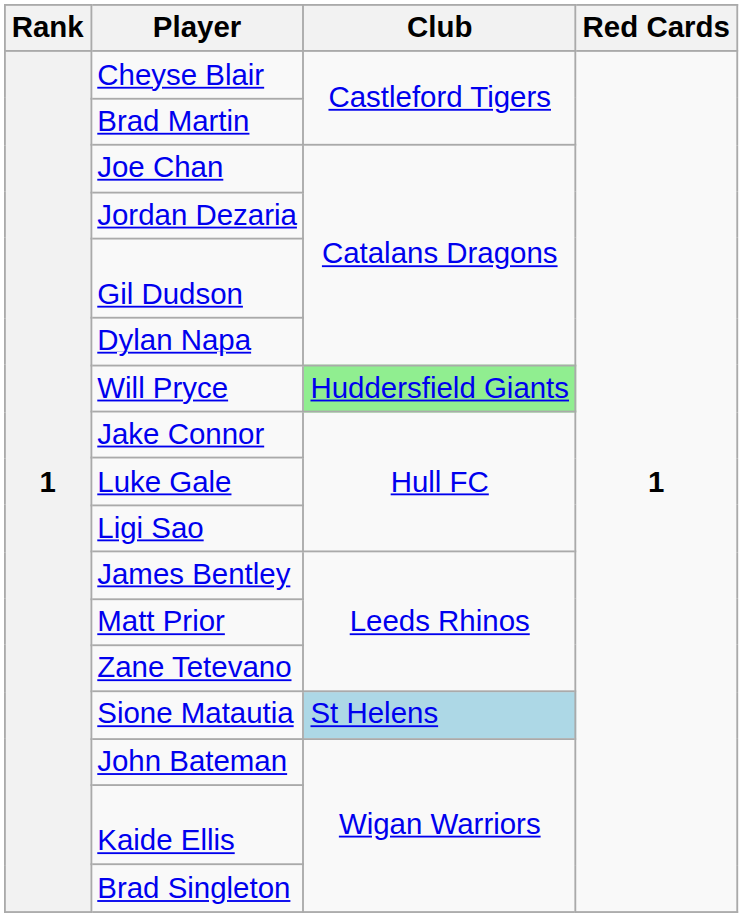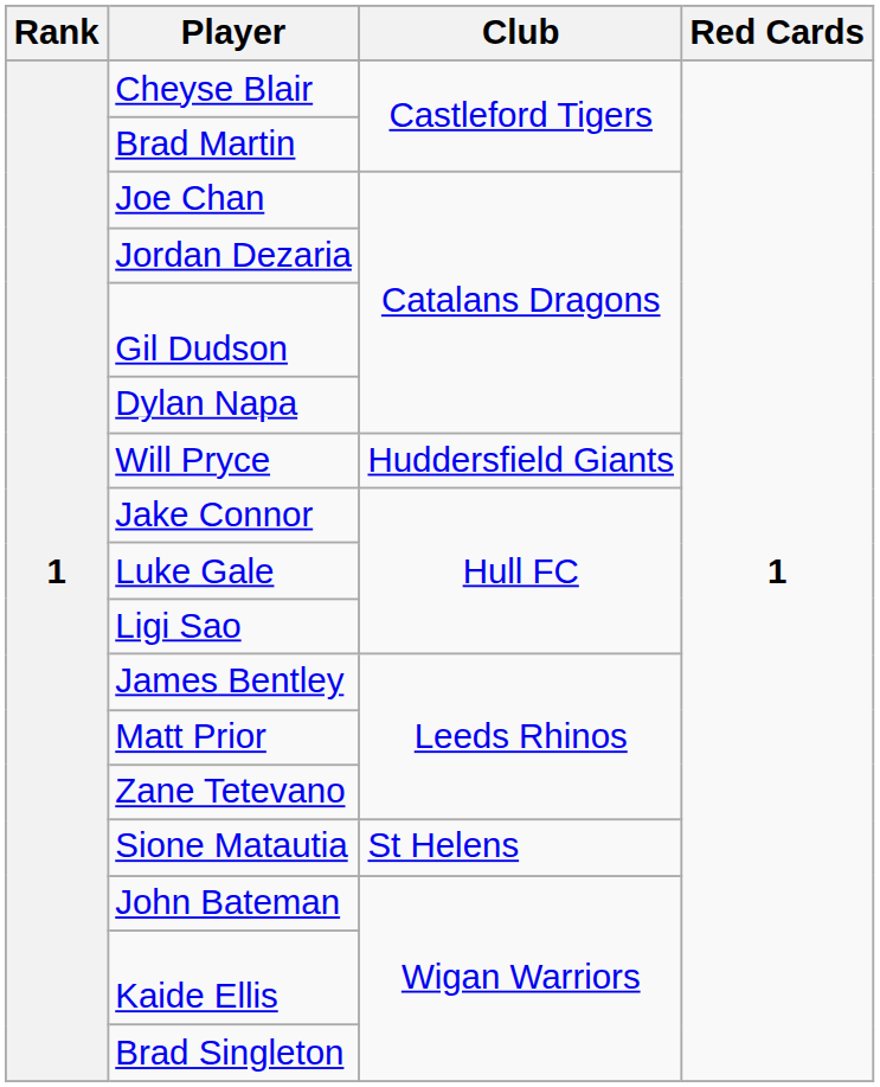 <table class="wikitable sortable" style="text-align:center">
 <tr>
 <th>Rank</th>
 <th>Player</th>
 <th>Club</th>
 <th> Red Cards</th>
 </tr>
 <tr>
 <th rowspan=17><strong>1</strong></th>
 <td align="left"> <a href='#'>Cheyse Blair</a></td>
 <td Rowspan=2> <a href='#'>Castleford Tigers</a></td>
 <td Rowspan=17><strong>1</strong></td>
 </tr>
 <tr>
 <td align="left"> <a href='#'>Brad Martin</a></td>
 </tr>
 <tr>
 <td align="left"> <a href='#'>Joe Chan</a></td>
 <td Rowspan=4> <a href='#'>Catalans Dragons</a></td>
 </tr>
 <tr>
 <td align="left"> <a href='#'>Jordan Dezaria</a></td>
 </tr>
 <tr>
 <td align="left"><br> <a href='#'>Gil Dudson</a></td>
 </tr>
 <tr>
 <td align="left"> <a href='#'>Dylan Napa</a></td>
 </tr>
 <tr>
 <td align="left"> <a href='#'>Will Pryce</a></td>
-<td align="left" style="background: lightgreen;"> <a href='#'>Huddersfield Giants</a></td>
+<td align="left"> <a href='#'>Huddersfield Giants</a></td>
 </tr>
 <tr>
 <td align="left"> <a href='#'>Jake Connor</a></td>
 <td Rowspan=3> <a href='#'>Hull FC</a></td>
 </tr>
 <tr>
 <td align="left"> <a href='#'>Luke Gale</a></td>
 </tr>
 <tr>
 <td align="left"> <a href='#'>Ligi Sao</a></td>
 </tr>
 <tr>
 <td align="left"> <a href='#'>James Bentley</a></td>
 <td Rowspan=3> <a href='#'>Leeds Rhinos</a></td>
 </tr>
 <tr>
 <td align="left"> <a href='#'>Matt Prior</a></td>
 </tr>
 <tr>
 <td align="left"> <a href='#'>Zane Tetevano</a></td>
 </tr>
 <tr>
 <td align="left"> <a href='#'>Sione Matautia</a></td>
-<td align="left" style="background: lightblue;"> <a href='#'>St Helens</a></td>
+<td align="left"> <a href='#'>St Helens</a></td>
 </tr>
 <tr>
 <td align="left"> <a href='#'>John Bateman</a></td>
 <td rowspan=3> <a href='#'>Wigan Warriors</a></td>
 </tr>
 <tr>
 <td align="left"><br> <a href='#'>Kaide Ellis</a></td>
 </tr>
 <tr>
 <td align="left"> <a href='#'>Brad Singleton</a></td>
 </tr>
 </table>
